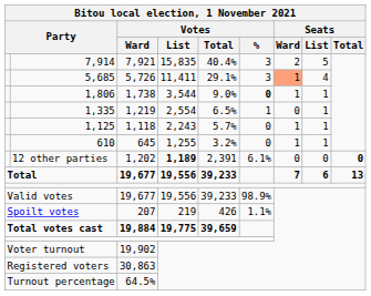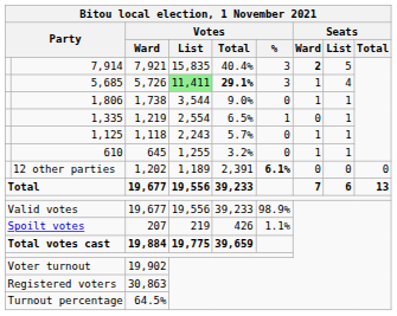 <table class=wikitable style="text-align:right">
 <tr>
 <th colspan="9" align="center">Bitou local election, 1 November 2021</th>
 </tr>
 <tr>
 <th rowspan="2" colspan="2">Party</th>
 <th colspan="4" align="center">Votes</th>
 <th colspan="3" align="center">Seats</th>
 </tr>
 <tr>
 <th>Ward</th>
 <th>List</th>
 <th>Total</th>
 <th>%</th>
 <th>Ward</th>
 <th>List</th>
 <th>Total</th>
 </tr>
 <tr>
 <td></td>
 <td>7,914</td>
 <td>7,921</td>
 <td>15,835</td>
 <td>40.4%</td>
 <td>3</td>
-<td>2</td>
+<td><strong>2</strong></td>
 <td>5</td>
 </tr>
 <tr>
 <td></td>
 <td>5,685</td>
 <td>5,726</td>
-<td>11,411</td>
-<td>29.1%</td>
+<td style="background: lightgreen;">11,411</td>
+<td><strong>29.1%</strong></td>
 <td>3</td>
-<td style="background: lightsalmon;">1</td>
+<td>1</td>
 <td>4</td>
 </tr>
 <tr>
 <td></td>
 <td>1,806</td>
 <td>1,738</td>
 <td>3,544</td>
 <td>9.0%</td>
-<td><strong>0</strong></td>
+<td>0</td>
 <td>1</td>
 <td>1</td>
 </tr>
 <tr>
 <td></td>
 <td>1,335</td>
 <td>1,219</td>
 <td>2,554</td>
 <td>6.5%</td>
 <td>1</td>
 <td>0</td>
 <td>1</td>
 </tr>
 <tr>
 <td></td>
 <td>1,125</td>
 <td>1,118</td>
 <td>2,243</td>
 <td>5.7%</td>
 <td>0</td>
 <td>1</td>
 <td>1</td>
 </tr>
 <tr>
 <td></td>
 <td>610</td>
 <td>645</td>
 <td>1,255</td>
 <td>3.2%</td>
 <td>0</td>
 <td>1</td>
 <td>1</td>
 </tr>
 <tr>
 <td></td>
 <td style="text-align:left">12 other parties</td>
 <td>1,202</td>
-<td><strong>1,189</strong></td>
+<td>1,189</td>
 <td>2,391</td>
-<td>6.1%</td>
+<td><strong>6.1%</strong></td>
 <td>0</td>
 <td>0</td>
-<td><strong>0</strong></td>
+<td>0</td>
 </tr>
 <tr>
 <td colspan="2" style="text-align:left"><strong>Total</strong></td>
 <td><strong>19,677</strong></td>
 <td><strong>19,556</strong></td>
 <td><strong>39,233</strong></td>
 <td></td>
 <td><strong>7</strong></td>
 <td><strong>6</strong></td>
 <td><strong>13</strong></td>
 </tr>
 <tr>
 <td colspan="9"></td>
 </tr>
 <tr>
 <td colspan="2" style="text-align:left">Valid votes</td>
 <td>19,677</td>
 <td>19,556</td>
 <td>39,233</td>
 <td>98.9%</td>
 </tr>
 <tr>
 <td colspan="2" style="text-align:left"><a href='#'>Spoilt votes</a></td>
 <td>207</td>
 <td>219</td>
 <td>426</td>
 <td>1.1%</td>
 </tr>
 <tr>
 <td colspan="2" style="text-align:left"><strong>Total votes cast</strong></td>
 <td><strong>19,884</strong></td>
 <td><strong>19,775</strong></td>
 <td><strong>39,659</strong></td>
 <td></td>
 </tr>
 <tr>
 <td colspan="6"></td>
 </tr>
 <tr>
 <td colspan="2" style="text-align:left">Voter turnout</td>
 <td>19,902</td>
 </tr>
 <tr>
 <td colspan="2" style="text-align:left">Registered voters</td>
 <td>30,863</td>
 </tr>
 <tr>
 <td colspan="2" style="text-align:left">Turnout percentage</td>
 <td>64.5%</td>
 </tr>
 </table>
